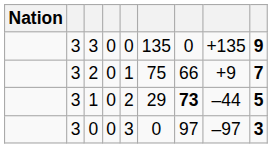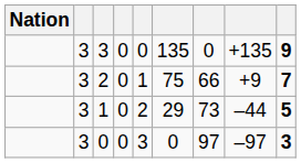 <table class="wikitable" style="text-align: center;">
 <tr>
 <th>Nation</th>
 <th></th>
 <th></th>
 <th></th>
 <th></th>
 <th></th>
 <th></th>
 <th></th>
 <th></th>
 </tr>
 <tr>
 <td align="left"></td>
 <td>3</td>
 <td>3</td>
 <td>0</td>
 <td>0</td>
 <td>135</td>
 <td>0</td>
 <td>+135</td>
 <td><strong>9</strong></td>
 </tr>
 <tr>
 <td align="left"></td>
 <td>3</td>
 <td>2</td>
 <td>0</td>
 <td>1</td>
 <td>75</td>
 <td>66</td>
 <td>+9</td>
 <td><strong>7</strong></td>
 </tr>
 <tr>
 <td align="left"></td>
 <td>3</td>
 <td>1</td>
 <td>0</td>
 <td>2</td>
 <td>29</td>
-<td><strong>73</strong></td>
+<td>73</td>
 <td>–44</td>
 <td><strong>5</strong></td>
 </tr>
 <tr>
 <td align="left"></td>
 <td>3</td>
 <td>0</td>
 <td>0</td>
 <td>3</td>
 <td>0</td>
 <td>97</td>
 <td>–97</td>
 <td><strong>3</strong></td>
 </tr>
 </table>
